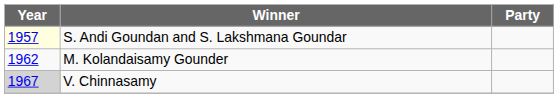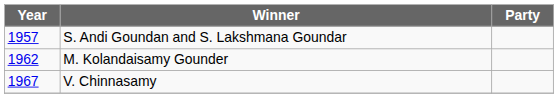 <table class="wikitable" width="50%">
 <tr>
 <th style="background-color:#666666; color:white">Year</th>
 <th style="background-color:#666666; color:white">Winner</th>
 <th style="background-color:#666666; color:white" colspan="2">Party</th>
 </tr>
 <tr>
-<td style="background: lightyellow;"><a href='#'>1957</a></td>
+<td><a href='#'>1957</a></td>
 <td>S. Andi Goundan and S. Lakshmana Goundar</td>
 <td></td>
 </tr>
 <tr>
 <td><a href='#'>1962</a></td>
 <td>M. Kolandaisamy Gounder</td>
 </tr>
 <tr>
-<td style="background: lightgrey;"><a href='#'>1967</a></td>
+<td><a href='#'>1967</a></td>
 <td>V. Chinnasamy</td>
 <td></td>
 </tr>
 <tr>
 </tr>
 </table>
